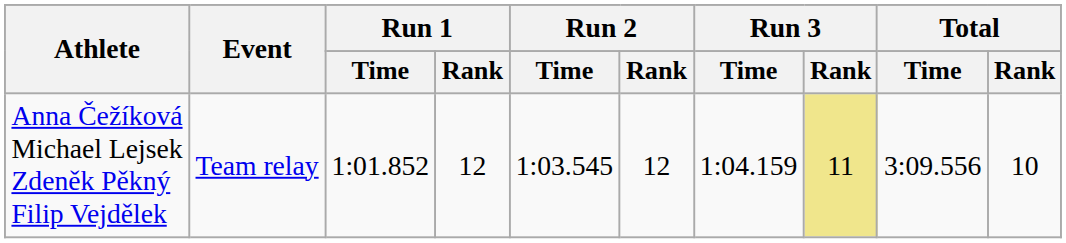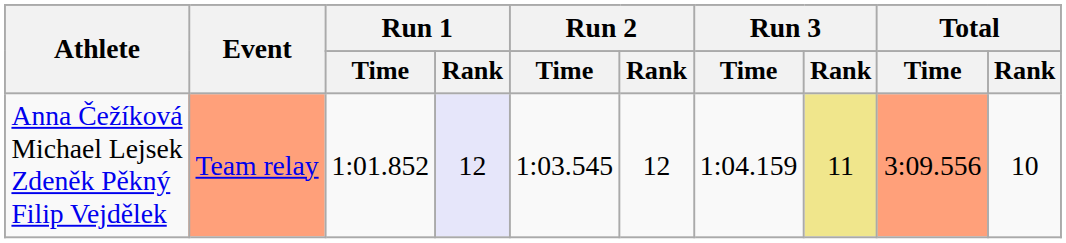 <table class="wikitable" style="font-size:90%">
 <tr>
 <th rowspan="2">Athlete</th>
 <th rowspan="2">Event</th>
 <th colspan=2>Run 1</th>
 <th colspan=2>Run 2</th>
 <th colspan=2>Run 3</th>
 <th colspan=2>Total</th>
 </tr>
 <tr style="font-size:95%">
 <th>Time</th>
 <th>Rank</th>
 <th>Time</th>
 <th>Rank</th>
 <th>Time</th>
 <th>Rank</th>
 <th>Time</th>
 <th>Rank</th>
 </tr>
 <tr align=center>
 <td align=left><a href='#'>Anna Čežíková</a><br>Michael Lejsek<br><a href='#'>Zdeněk Pěkný</a><br><a href='#'>Filip Vejdělek</a></td>
-<td align=left><a href='#'>Team relay</a></td>
+<td align=left style="background: lightsalmon;"><a href='#'>Team relay</a></td>
 <td>1:01.852</td>
-<td>12</td>
+<td style="background: lavender;">12</td>
 <td>1:03.545</td>
 <td>12</td>
 <td>1:04.159</td>
 <td style="background: khaki;">11</td>
-<td>3:09.556</td>
+<td style="background: lightsalmon;">3:09.556</td>
 <td>10</td>
 </tr>
 </table>
